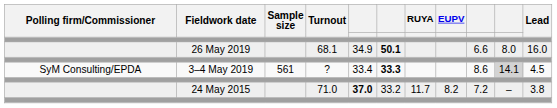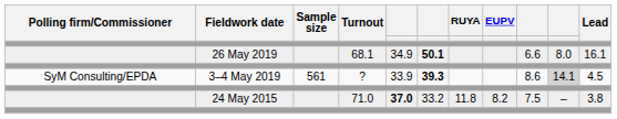 <table class="wikitable collapsible collapsed" style="text-align:center; font-size:95%; line-height:16px;">
 <tr style="height:42px;">
 <th style="width:250px;" rowspan="2">Polling firm/Commissioner</th>
 <th style="width:125px;" rowspan="2">Fieldwork date</th>
 <th style="width:50px;" rowspan="2">Sample size</th>
 <th style="width:45px;" rowspan="2">Turnout</th>
 <th style="width:35px;"></th>
 <th style="width:35px;"></th>
 <th style="width:35px; font-size:95%">RUYA</th>
 <th style="width:35px; font-size:95%;"><a href='#'>EUPV</a></th>
 <th style="width:35px;"></th>
 <th style="width:35px;"></th>
 <th style="width:30px;" rowspan="2">Lead</th>
 </tr>
 <tr>
 <th style="color:inherit;background:"></th>
 <th style="color:inherit;background:"></th>
 <th style="color:inherit;background:"></th>
 <th style="color:inherit;background:"></th>
 <th style="color:inherit;background:"></th>
 <th style="color:inherit;background:"></th>
 </tr>
 <tr>
 <td colspan="11" style="background:#A0A0A0"></td>
 </tr>
 <tr style="background:#EFEFEF;">
 <td><strong></strong></td>
 <td>26 May 2019</td>
 <td></td>
 <td>68.1</td>
 <td>34.9<br></td>
 <td><strong>50.1</strong><br></td>
 <td></td>
 <td></td>
 <td>6.6<br></td>
 <td>8.0<br></td>
-<td style="background:">16.0</td>
+<td style="background:">16.1</td>
 </tr>
 <tr>
 <td colspan="11" style="background:#A0A0A0"></td>
 </tr>
 <tr>
 <td>SyM Consulting/EPDA</td>
 <td>3–4 May 2019</td>
 <td>561</td>
 <td>?</td>
-<td>33.4<br></td>
-<td><strong>33.3</strong><br></td>
+<td>33.9<br></td>
+<td><strong>39.3</strong><br></td>
 <td></td>
 <td></td>
 <td>8.6<br></td>
 <td style="background: lightgrey;">14.1<br></td>
 <td style="background:">4.5</td>
 </tr>
 <tr>
 <td colspan="11" style="background:#A0A0A0"></td>
 </tr>
 <tr style="background:#EFEFEF;">
 <td><strong></strong></td>
 <td>24 May 2015</td>
 <td></td>
 <td>71.0</td>
 <td><strong>37.0</strong><br></td>
 <td>33.2<br></td>
-<td>11.7<br></td>
+<td>11.8<br></td>
 <td>8.2<br></td>
-<td>7.2<br></td>
+<td>7.5<br></td>
 <td>–</td>
 <td style="background:">3.8</td>
 </tr>
 <tr>
 <td colspan="11" style="background:#A0A0A0"></td>
 </tr>
 </table>
